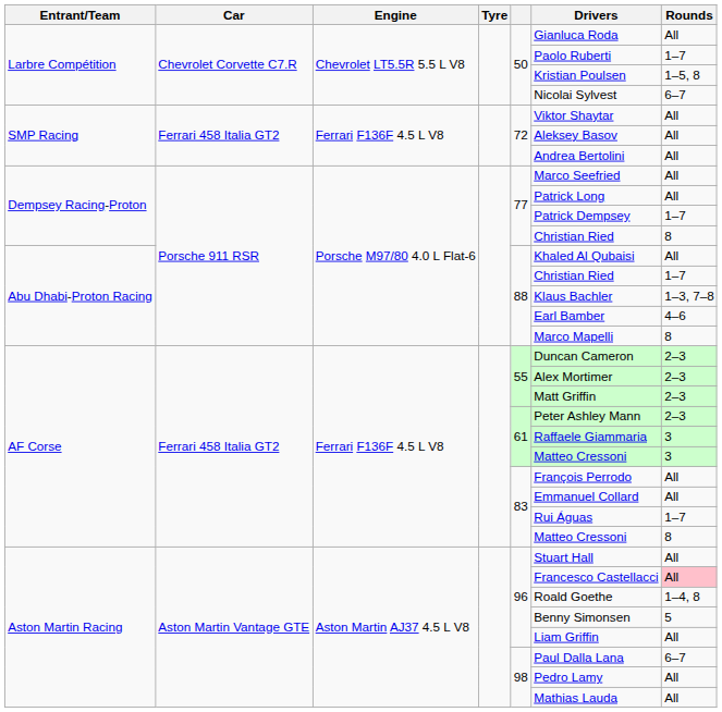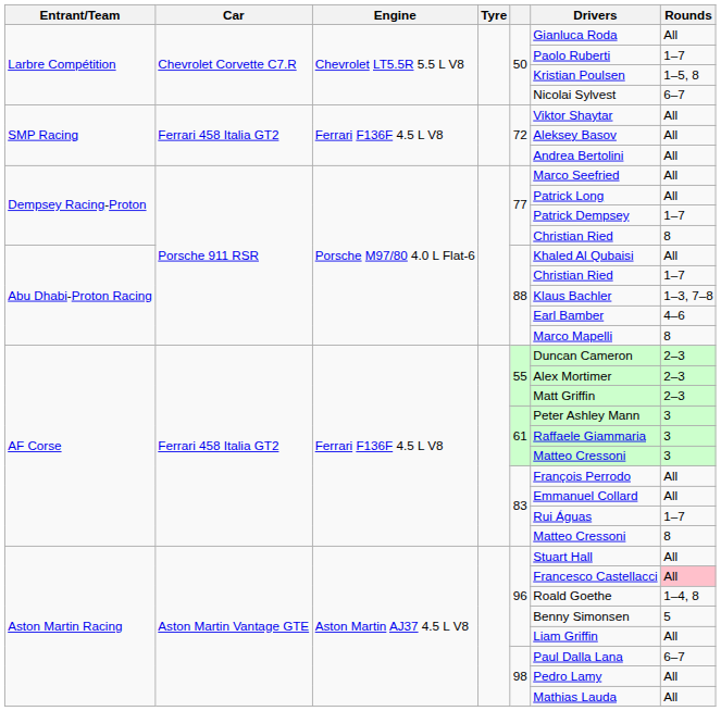 <table class="wikitable" style="font-size: 85%">
 <tr>
 <th>Entrant/Team</th>
 <th>Car</th>
 <th>Engine</th>
 <th>Tyre</th>
 <th></th>
 <th>Drivers</th>
 <th>Rounds</th>
 </tr>
 <tr>
 <td rowspan=4> <a href='#'>Larbre Compétition</a></td>
 <td rowspan=4><a href='#'>Chevrolet Corvette C7.R</a></td>
 <td rowspan=4><a href='#'>Chevrolet</a> <a href='#'>LT5.5R</a> 5.5 L V8</td>
 <td rowspan=4></td>
 <td rowspan=4>50</td>
 <td> <a href='#'>Gianluca Roda</a></td>
 <td>All</td>
 </tr>
 <tr>
 <td> <a href='#'>Paolo Ruberti</a></td>
 <td>1–7</td>
 </tr>
 <tr>
 <td> <a href='#'>Kristian Poulsen</a></td>
 <td>1–5, 8</td>
 </tr>
 <tr>
 <td> Nicolai Sylvest</td>
 <td>6–7</td>
 </tr>
 <tr>
 <td rowspan=3> <a href='#'>SMP Racing</a></td>
 <td rowspan=3><a href='#'>Ferrari 458 Italia GT2</a></td>
 <td rowspan=3><a href='#'>Ferrari</a> <a href='#'>F136F</a> 4.5 L V8</td>
 <td rowspan=3></td>
 <td rowspan=3>72</td>
 <td> <a href='#'>Viktor Shaytar</a></td>
 <td>All</td>
 </tr>
 <tr>
 <td> <a href='#'>Aleksey Basov</a></td>
 <td>All</td>
 </tr>
 <tr>
 <td> <a href='#'>Andrea Bertolini</a></td>
 <td>All</td>
 </tr>
 <tr>
 <td rowspan=4> <a href='#'>Dempsey Racing</a>-<a href='#'>Proton</a></td>
 <td rowspan=9><a href='#'>Porsche 911 RSR</a></td>
 <td rowspan=9><a href='#'>Porsche</a> <a href='#'>M97/80</a> 4.0 L Flat-6</td>
 <td rowspan=9></td>
 <td rowspan=4>77</td>
 <td> <a href='#'>Marco Seefried</a></td>
 <td>All</td>
 </tr>
 <tr>
 <td> <a href='#'>Patrick Long</a></td>
 <td>All</td>
 </tr>
 <tr>
 <td> <a href='#'>Patrick Dempsey</a></td>
 <td>1–7</td>
 </tr>
 <tr>
 <td> <a href='#'>Christian Ried</a></td>
 <td>8</td>
 </tr>
 <tr>
 <td rowspan=5> <a href='#'>Abu Dhabi</a>-<a href='#'>Proton Racing</a></td>
 <td rowspan=5>88</td>
 <td> <a href='#'>Khaled Al Qubaisi</a></td>
 <td>All</td>
 </tr>
 <tr>
 <td> <a href='#'>Christian Ried</a></td>
 <td>1–7</td>
 </tr>
 <tr>
 <td> <a href='#'>Klaus Bachler</a></td>
 <td>1–3, 7–8</td>
 </tr>
 <tr>
 <td> <a href='#'>Earl Bamber</a></td>
 <td>4–6</td>
 </tr>
 <tr>
 <td> <a href='#'>Marco Mapelli</a></td>
 <td>8</td>
 </tr>
 <tr>
 <td rowspan=10> <a href='#'>AF Corse</a></td>
 <td rowspan=10><a href='#'>Ferrari 458 Italia GT2</a></td>
 <td rowspan=10><a href='#'>Ferrari</a> <a href='#'>F136F</a> 4.5 L V8</td>
 <td rowspan=10></td>
 <td rowspan=3 style="background:#ccffcc">55</td>
 <td style="background:#ccffcc"> Duncan Cameron</td>
 <td style="background:#ccffcc">2–3</td>
 </tr>
 <tr>
 <td style="background:#ccffcc"> Alex Mortimer</td>
 <td style="background:#ccffcc">2–3</td>
 </tr>
 <tr>
 <td style="background:#ccffcc"> Matt Griffin</td>
 <td style="background:#ccffcc">2–3</td>
 </tr>
 <tr>
 <td rowspan=3 style="background:#ccffcc">61</td>
 <td style="background:#ccffcc"> Peter Ashley Mann</td>
-<td style="background:#ccffcc">2–3</td>
+<td style="background:#ccffcc">3</td>
 </tr>
 <tr>
 <td style="background:#ccffcc"> <a href='#'>Raffaele Giammaria</a></td>
 <td style="background:#ccffcc">3</td>
 </tr>
 <tr>
 <td style="background:#ccffcc"> <a href='#'>Matteo Cressoni</a></td>
 <td style="background:#ccffcc">3</td>
 </tr>
 <tr>
 <td rowspan=4>83</td>
 <td> <a href='#'>François Perrodo</a></td>
 <td>All</td>
 </tr>
 <tr>
 <td> <a href='#'>Emmanuel Collard</a></td>
 <td>All</td>
 </tr>
 <tr>
 <td> <a href='#'>Rui Águas</a></td>
 <td>1–7</td>
 </tr>
 <tr>
 <td> <a href='#'>Matteo Cressoni</a></td>
 <td>8</td>
 </tr>
 <tr>
 <td rowspan=8> <a href='#'>Aston Martin Racing</a></td>
 <td rowspan=8><a href='#'>Aston Martin Vantage GTE</a></td>
 <td rowspan=8><a href='#'>Aston Martin</a> <a href='#'>AJ37</a> 4.5 L V8</td>
 <td rowspan=8></td>
 <td rowspan=5>96</td>
 <td> <a href='#'>Stuart Hall</a></td>
 <td>All</td>
 </tr>
 <tr>
 <td> <a href='#'>Francesco Castellacci</a></td>
 <td style="background: pink;">All</td>
 </tr>
 <tr>
 <td> Roald Goethe</td>
 <td>1–4, 8</td>
 </tr>
 <tr>
 <td> Benny Simonsen</td>
 <td>5</td>
 </tr>
 <tr>
 <td> <a href='#'>Liam Griffin</a></td>
 <td>All</td>
 </tr>
 <tr>
 <td rowspan=3>98</td>
 <td> <a href='#'>Paul Dalla Lana</a></td>
 <td>6–7</td>
 </tr>
 <tr>
 <td> <a href='#'>Pedro Lamy</a></td>
 <td>All</td>
 </tr>
 <tr>
 <td> <a href='#'>Mathias Lauda</a></td>
 <td>All</td>
 </tr>
 </table>
